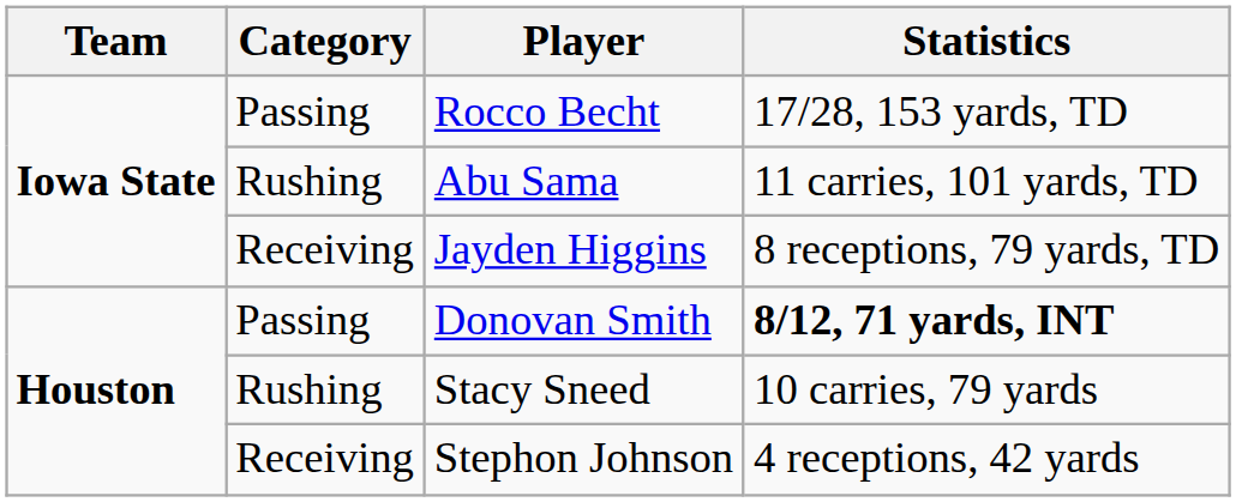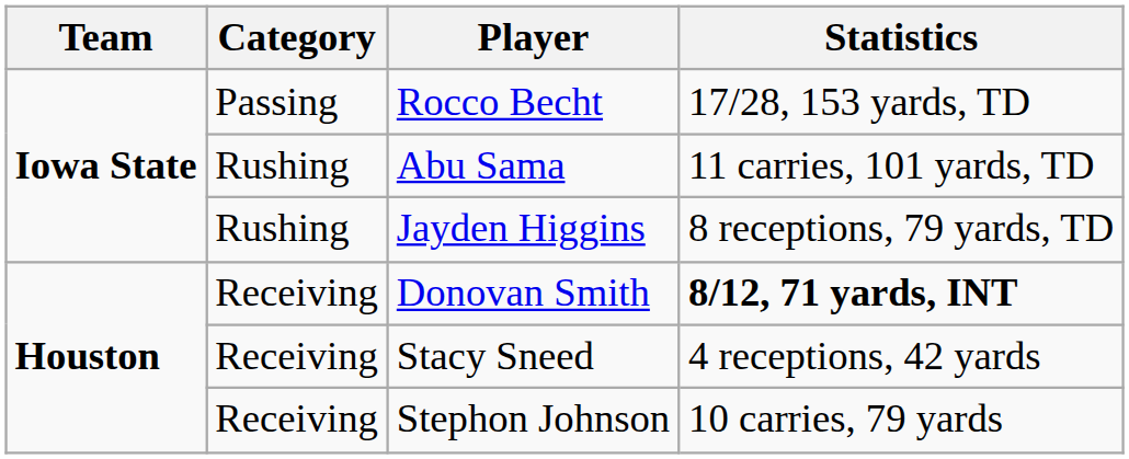 <table class="wikitable" style="float: right;">
 <tr>
 <th>Team</th>
 <th>Category</th>
 <th>Player</th>
 <th>Statistics</th>
 </tr>
 <tr>
 <td rowspan=3><strong>Iowa State</strong></td>
 <td>Passing</td>
 <td><a href='#'>Rocco Becht</a></td>
 <td>17/28, 153 yards, TD</td>
 </tr>
 <tr>
 <td>Rushing</td>
 <td><a href='#'>Abu Sama</a></td>
 <td>11 carries, 101 yards, TD</td>
 </tr>
 <tr>
-<td>Receiving</td>
+<td>Rushing</td>
 <td><a href='#'>Jayden Higgins</a></td>
 <td>8 receptions, 79 yards, TD</td>
 </tr>
 <tr>
 <td rowspan=3><strong>Houston</strong></td>
-<td>Passing</td>
+<td>Receiving</td>
 <td><a href='#'>Donovan Smith</a></td>
 <td><strong>8/12, 71 yards, INT</strong></td>
 </tr>
 <tr>
-<td>Rushing</td>
+<td>Receiving</td>
 <td>Stacy Sneed</td>
-<td>10 carries, 79 yards</td>
+<td>4 receptions, 42 yards</td>
 </tr>
 <tr>
 <td>Receiving</td>
 <td>Stephon Johnson</td>
-<td>4 receptions, 42 yards</td>
+<td>10 carries, 79 yards</td>
 </tr>
 </table>
